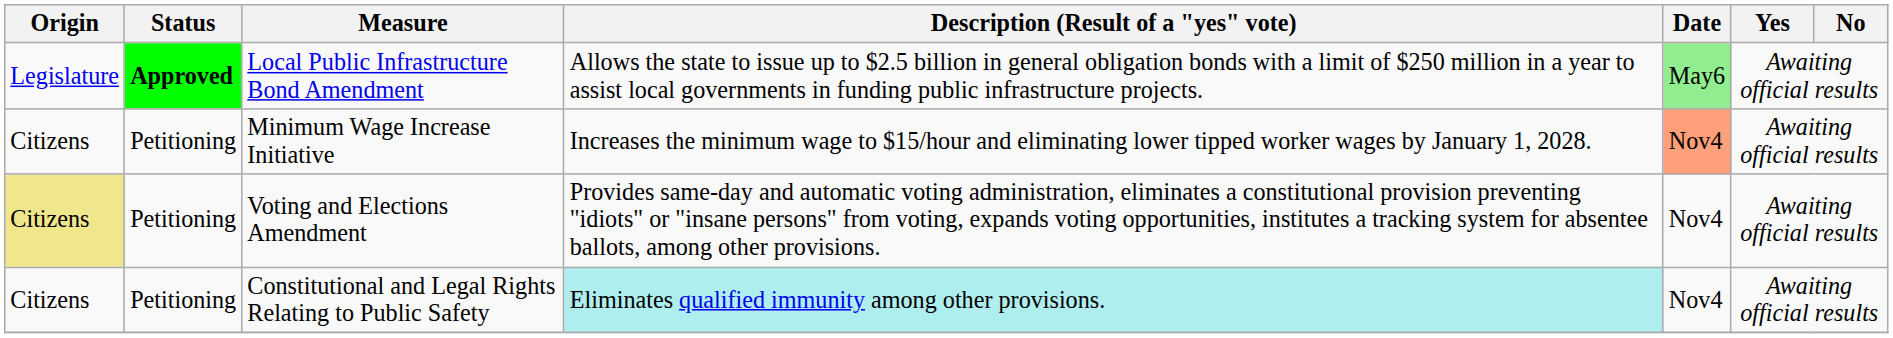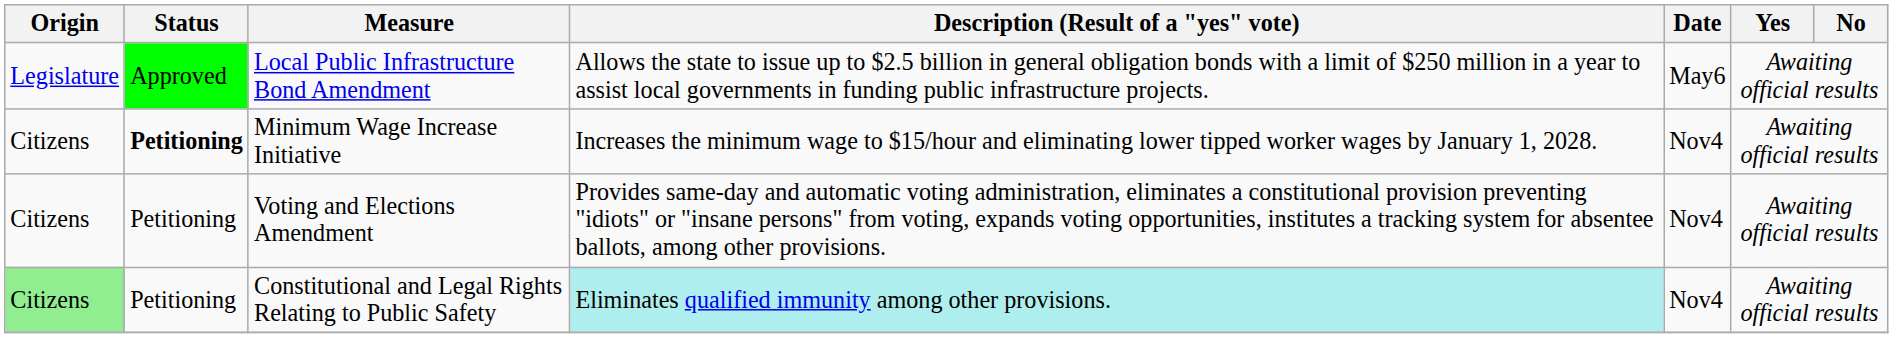 <table class="wikitable">
 <tr>
 <th>Origin</th>
 <th>Status</th>
 <th>Measure</th>
 <th>Description (Result of a "yes" vote)</th>
 <th>Date</th>
 <th>Yes</th>
 <th>No</th>
 </tr>
 <tr>
 <td><a href='#'>Legislature</a></td>
-<td style="background-color:#00ff00;"><strong>Approved</strong></td>
+<td style="background-color:#00ff00;">Approved</td>
 <td><a href='#'>Local Public Infrastructure Bond Amendment</a></td>
 <td>Allows the state to issue up to $2.5 billion in general obligation bonds with a limit of $250 million in a year to assist local governments in funding public infrastructure projects.</td>
-<td style="background: lightgreen;">May6</td>
+<td>May6</td>
 <td style="text-align:center;" colspan=2><em>Awaiting official results</em></td>
 </tr>
 <tr>
 <td>Citizens</td>
-<td>Petitioning</td>
+<td><strong>Petitioning</strong></td>
 <td>Minimum Wage Increase Initiative</td>
 <td>Increases the minimum wage to $15/hour and eliminating lower tipped worker wages by January 1, 2028.</td>
-<td style="background: lightsalmon;">Nov4</td>
+<td>Nov4</td>
 <td style="text-align:center;" colspan=2><em>Awaiting official results</em></td>
 </tr>
 <tr>
-<td style="background: khaki;">Citizens</td>
+<td>Citizens</td>
 <td>Petitioning</td>
 <td>Voting and Elections Amendment</td>
 <td>Provides same-day and automatic voting administration, eliminates a constitutional provision preventing "idiots" or "insane persons" from voting, expands voting opportunities, institutes a tracking system for absentee ballots, among other provisions.</td>
 <td>Nov4</td>
 <td style="text-align:center;" colspan=2><em>Awaiting official results</em></td>
 </tr>
 <tr>
-<td>Citizens</td>
+<td style="background: lightgreen;">Citizens</td>
 <td>Petitioning</td>
 <td>Constitutional and Legal Rights Relating to Public Safety</td>
 <td style="background: paleturquoise;">Eliminates <a href='#'>qualified immunity</a> among other provisions.</td>
 <td>Nov4</td>
 <td style="text-align:center;" colspan=2><em>Awaiting official results</em></td>
 </tr>
 <tr>
 </tr>
 </table>
